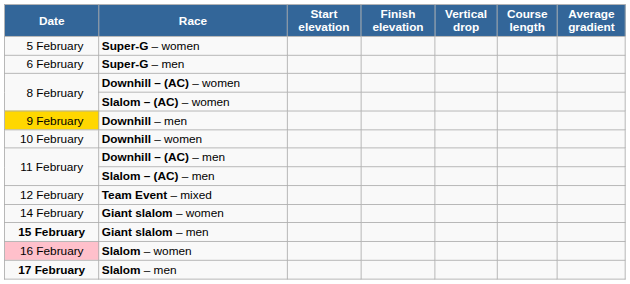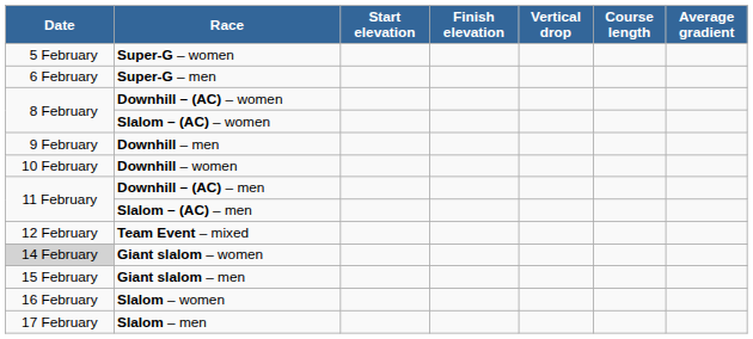 <table class="wikitable centre" style="font-size:90%; text-align: center;" width="60%">
 <tr>
 <th scope="col" style="color:white; background-color:#369;"><strong>Date</strong></th>
 <th scope="col" style="color:white; background-color:#369;"><strong>Race</strong></th>
 <th scope="col" style="color:white; background-color:#369;"><strong>Start<br>elevation</strong></th>
 <th scope="col" style="color:white; background-color:#369;"><strong>Finish<br>elevation</strong></th>
 <th scope="col" style="color:white; background-color:#369;"><strong>Vertical<br>drop</strong></th>
 <th scope="col" style="color:white; background-color:#369;"><strong>Course<br>length</strong></th>
 <th scope="col" style="color:white; background-color:#369;"><strong>Average<br>gradient</strong></th>
 </tr>
 <tr>
 <td>  5 February</td>
 <td align=left><strong>Super-G</strong> – women</td>
 <td></td>
 <td></td>
 <td></td>
 <td></td>
 <td align=center></td>
 </tr>
 <tr>
 <td>  6 February</td>
 <td align=left><strong>Super-G</strong> – men</td>
 <td></td>
 <td></td>
 <td></td>
 <td></td>
 <td align=center></td>
 </tr>
 <tr>
 <td rowspan=2>  8 February</td>
 <td align=left><strong>Downhill – (AC)</strong> – women</td>
 <td></td>
 <td></td>
 <td></td>
 <td></td>
 <td align=center></td>
 </tr>
 <tr>
 <td align=left><strong>Slalom – (AC)</strong> – women</td>
 <td></td>
 <td></td>
 <td></td>
 <td></td>
 <td></td>
 </tr>
 <tr>
-<td style="background: gold;">  9 February</td>
+<td>  9 February</td>
 <td align=left><strong>Downhill</strong> – men</td>
 <td></td>
 <td></td>
 <td></td>
 <td></td>
 <td align=center></td>
 </tr>
 <tr>
 <td>10 February</td>
 <td align=left><strong>Downhill</strong> – women</td>
 <td></td>
 <td></td>
 <td></td>
 <td></td>
 <td align=center></td>
 </tr>
 <tr>
 <td rowspan=2>11 February</td>
 <td align=left><strong>Downhill – (AC)</strong> – men</td>
 <td></td>
 <td></td>
 <td></td>
 <td></td>
 <td align=center></td>
 </tr>
 <tr>
 <td align=left><strong>Slalom – (AC)</strong> – men</td>
 <td></td>
 <td></td>
 <td></td>
 <td></td>
 <td></td>
 </tr>
 <tr>
 <td>12 February</td>
 <td align=left><strong>Team Event</strong> – mixed</td>
 <td></td>
 <td></td>
 <td></td>
 <td></td>
 <td></td>
 </tr>
 <tr>
-<td>14 February</td>
+<td style="background: lightgrey;">14 February</td>
 <td align=left><strong>Giant slalom</strong> – women</td>
 <td></td>
 <td></td>
 <td></td>
 <td></td>
 <td></td>
 </tr>
 <tr>
-<td><strong>15 February</strong></td>
+<td>15 February</td>
 <td align=left><strong>Giant slalom</strong> – men</td>
 <td></td>
 <td></td>
 <td></td>
 <td></td>
 <td align=center></td>
 </tr>
 <tr>
-<td style="background: pink;">16 February</td>
+<td>16 February</td>
 <td align=left><strong>Slalom</strong> – women</td>
 <td></td>
 <td></td>
 <td>   </td>
 <td></td>
 <td align=center></td>
 </tr>
 <tr>
-<td><strong>17 February</strong></td>
+<td>17 February</td>
 <td align=left><strong>Slalom</strong> – men</td>
 <td></td>
 <td></td>
 <td>   </td>
 <td></td>
 <td align=center></td>
 </tr>
 </table>
